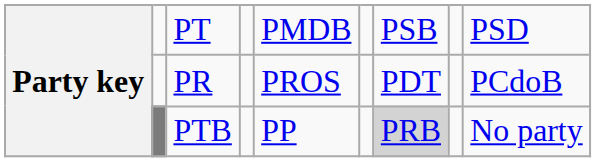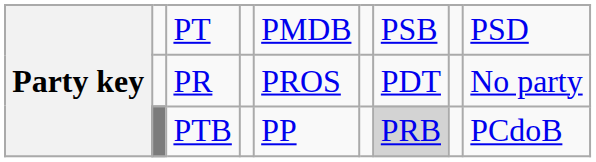 <table class=wikitable>
 <tr>
 <th rowspan=3>Party key</th>
 <td></td>
 <td><a href='#'>PT</a></td>
 <td></td>
 <td><a href='#'>PMDB</a></td>
 <td></td>
 <td><a href='#'>PSB</a></td>
 <td></td>
 <td><a href='#'>PSD</a></td>
 </tr>
 <tr>
 <td></td>
 <td><a href='#'>PR</a></td>
 <td></td>
 <td><a href='#'>PROS</a></td>
 <td></td>
 <td><a href='#'>PDT</a></td>
 <td></td>
-<td><a href='#'>PCdoB</a></td>
+<td><a href='#'>No party</a></td>
 </tr>
 <tr>
 <td bgcolor="#7B7B7B"></td>
 <td><a href='#'>PTB</a></td>
 <td></td>
 <td><a href='#'>PP</a></td>
 <td></td>
 <td style="background: lightgrey;"><a href='#'>PRB</a></td>
 <td></td>
-<td><a href='#'>No party</a></td>
+<td><a href='#'>PCdoB</a></td>
 </tr>
 </table>
